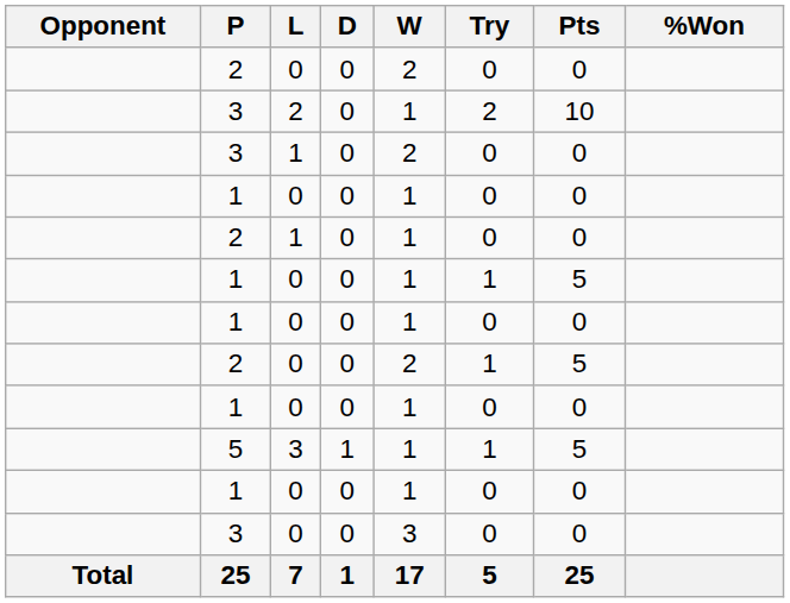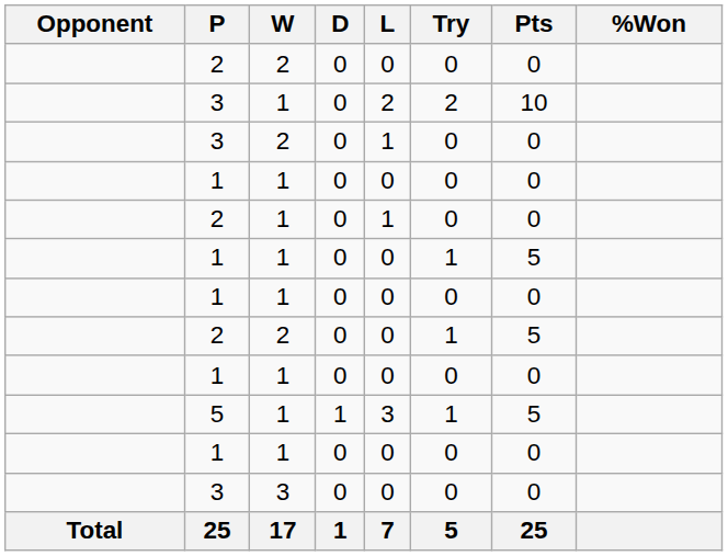 <table class="wikitable sortable" style="text-align:center;width:75%">
 <tr>
 <th style="width:25%;">Opponent</th>
 <th abbr="Played" style="width:15px;">P</th>
+<th abbr="Won" style="width:10px;">W</th>
+<th abbr="Drawn" style="width:10px;">D</th>
 <th abbr="Lost" style="width:10px;">L</th>
-<th abbr="Drawn" style="width:10px;">D</th>
-<th abbr="Won" style="width:10px;">W</th>
 <th abbr="Tries" style="width:15px;">Try</th>
 <th abbr="Points" style="width:18px;">Pts</th>
 <th abbr="Won" style="width:15px;">%Won</th>
 </tr>
 <tr>
 <td align="left"></td>
 <td>2</td>
-<td>0</td>
-<td>0</td>
 <td>2</td>
 <td>0</td>
 <td>0</td>
+<td>0</td>
+<td>0</td>
+<td></td>
+</tr>
+<tr>
+<td align="left"></td>
+<td>3</td>
+<td>1</td>
+<td>0</td>
+<td>2</td>
+<td>2</td>
+<td>10</td>
 <td></td>
 </tr>
 <tr>
 <td align="left"></td>
 <td>3</td>
 <td>2</td>
 <td>0</td>
 <td>1</td>
-<td>2</td>
-<td>10</td>
-<td></td>
-</tr>
-<tr>
-<td align="left"></td>
-<td>3</td>
-<td>1</td>
-<td>0</td>
-<td>2</td>
 <td>0</td>
 <td>0</td>
 <td></td>
 </tr>
 <tr>
 <td align="left"></td>
 <td>1</td>
+<td>1</td>
 <td>0</td>
 <td>0</td>
-<td>1</td>
 <td>0</td>
 <td>0</td>
 <td></td>
 </tr>
 <tr>
 <td align="left"></td>
 <td>2</td>
 <td>1</td>
 <td>0</td>
 <td>1</td>
 <td>0</td>
 <td>0</td>
 <td></td>
 </tr>
 <tr>
 <td align="left"></td>
 <td>1</td>
+<td>1</td>
 <td>0</td>
 <td>0</td>
-<td>1</td>
 <td>1</td>
 <td>5</td>
 <td></td>
 </tr>
 <tr>
 <td align="left"></td>
 <td>1</td>
+<td>1</td>
 <td>0</td>
 <td>0</td>
-<td>1</td>
 <td>0</td>
 <td>0</td>
 <td></td>
 </tr>
 <tr>
 <td align="left"></td>
 <td>2</td>
+<td>2</td>
 <td>0</td>
 <td>0</td>
-<td>2</td>
 <td>1</td>
 <td>5</td>
 <td></td>
 </tr>
 <tr>
 <td align="left"></td>
 <td>1</td>
+<td>1</td>
 <td>0</td>
 <td>0</td>
-<td>1</td>
 <td>0</td>
 <td>0</td>
 <td></td>
 </tr>
 <tr>
 <td align="left"></td>
 <td>5</td>
-<td>3</td>
 <td>1</td>
 <td>1</td>
+<td>3</td>
 <td>1</td>
 <td>5</td>
 <td></td>
 </tr>
 <tr>
 <td align="left"></td>
 <td>1</td>
+<td>1</td>
 <td>0</td>
 <td>0</td>
-<td>1</td>
 <td>0</td>
 <td>0</td>
 <td></td>
 </tr>
 <tr>
 <td align="left"></td>
 <td>3</td>
+<td>3</td>
 <td>0</td>
 <td>0</td>
-<td>3</td>
 <td>0</td>
 <td>0</td>
 <td></td>
 </tr>
 <tr>
 <th>Total</th>
 <th>25</th>
+<th>17</th>
+<th>1</th>
 <th>7</th>
-<th>1</th>
-<th>17</th>
 <th>5</th>
 <th>25</th>
 <th></th>
 </tr>
 </table>
